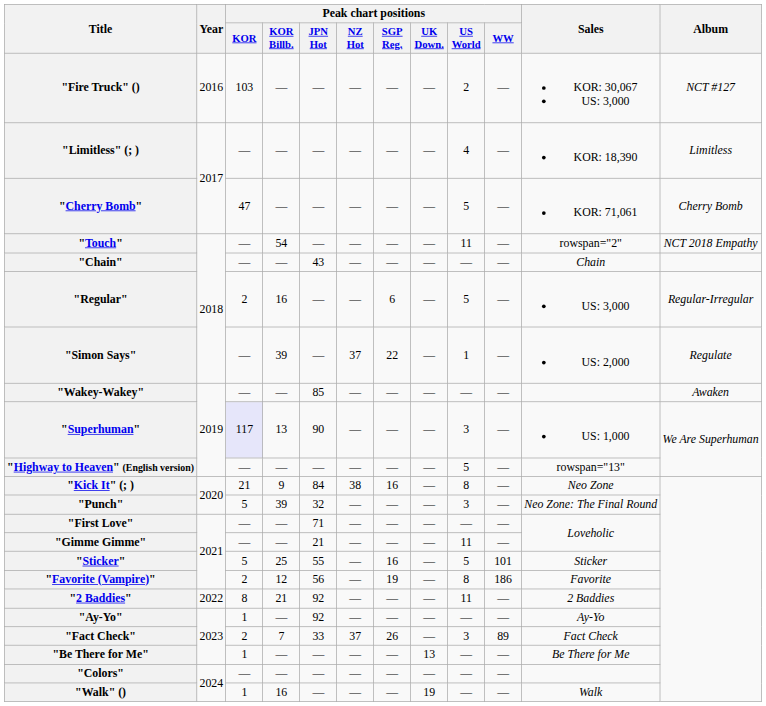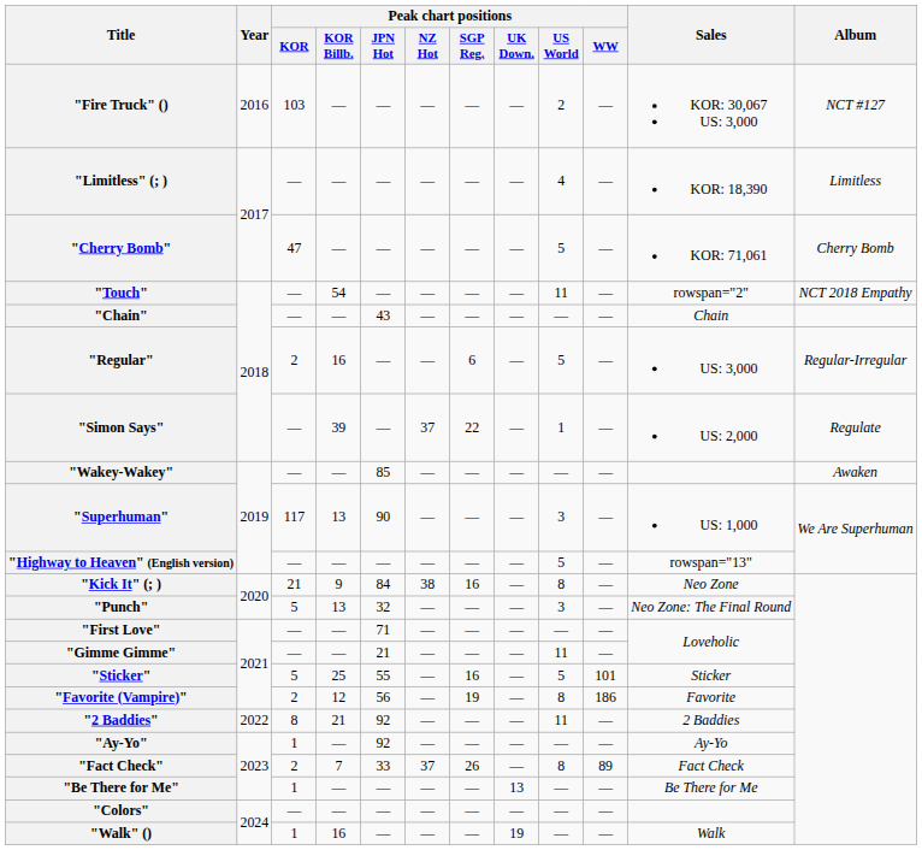 <table class="wikitable plainrowheaders" style="text-align:center;">
 <tr>
 <th scope="col" rowspan="2">Title</th>
 <th scope="col" rowspan="2">Year</th>
 <th colspan="8" scope="col">Peak chart positions</th>
 <th scope="col" rowspan="2">Sales</th>
 <th scope="col" rowspan="2">Album</th>
 </tr>
 <tr>
 <th scope="col" style="width:3em;font-size:90%;"><a href='#'>KOR</a><br></th>
 <th scope="col" style="width:3em;font-size:90%;"><a href='#'>KOR<br>Billb.</a><br></th>
 <th scope="col" style="width:3em;font-size:90%;"><a href='#'>JPN<br>Hot</a><br></th>
 <th scope="col" style="width:3em;font-size:90%;"><a href='#'>NZ<br>Hot</a><br></th>
 <th scope="col" style="width:3em;font-size:90%;"><a href='#'>SGP<br>Reg.</a><br></th>
 <th scope="col" style="width:3em;font-size:90%;"><a href='#'>UK<br>Down.</a><br></th>
 <th scope="col" style="width:3em;font-size:90%;"><a href='#'>US<br>World</a><br></th>
 <th scope="col" style="width:3em;font-size:90%;"><a href='#'>WW</a><br></th>
 </tr>
 <tr>
 <th scope="row">"Fire Truck" ()</th>
 <td>2016</td>
 <td>103</td>
 <td>—</td>
 <td>—</td>
 <td>—</td>
 <td>—</td>
 <td>—</td>
 <td>2</td>
 <td>—</td>
 <td><br><ul><li>KOR: 30,067</li><li>US: 3,000</li></ul></td>
 <td><em>NCT #127</em></td>
 </tr>
 <tr>
 <th scope="row">"Limitless" (; )</th>
 <td rowspan="2">2017</td>
 <td>—</td>
 <td>—</td>
 <td>—</td>
 <td>—</td>
 <td>—</td>
 <td>—</td>
 <td>4</td>
 <td>—</td>
 <td><br><ul><li>KOR: 18,390</li></ul></td>
 <td><em>Limitless</em></td>
 </tr>
 <tr>
 <th scope="row">"<a href='#'>Cherry Bomb</a>"</th>
 <td>47</td>
 <td>—</td>
 <td>—</td>
 <td>—</td>
 <td>—</td>
 <td>—</td>
 <td>5</td>
 <td>—</td>
 <td><br><ul><li>KOR: 71,061</li></ul></td>
 <td><em>Cherry Bomb</em></td>
 </tr>
 <tr>
 <th scope="row">"<a href='#'>Touch</a>"</th>
 <td rowspan="4">2018</td>
 <td>—</td>
 <td>54</td>
 <td>—</td>
 <td>—</td>
 <td>—</td>
 <td>—</td>
 <td>11</td>
 <td>—</td>
 <td>rowspan="2" </td>
 <td><em>NCT 2018 Empathy</em></td>
 </tr>
 <tr>
 <th scope="row">"Chain"</th>
 <td>—</td>
 <td>—</td>
 <td>43</td>
 <td>—</td>
 <td>—</td>
 <td>—</td>
 <td>—</td>
 <td>—</td>
 <td><em>Chain</em></td>
 </tr>
 <tr>
 <th scope="row">"Regular"</th>
 <td>2</td>
 <td>16</td>
 <td>—</td>
 <td>—</td>
 <td>6</td>
 <td>—</td>
 <td>5</td>
 <td>—</td>
 <td><br><ul><li>US: 3,000</li></ul></td>
 <td><em>Regular-Irregular</em></td>
 </tr>
 <tr>
 <th scope="row">"Simon Says"</th>
 <td>—</td>
 <td>39</td>
 <td>—</td>
 <td>37</td>
 <td>22</td>
 <td>—</td>
 <td>1</td>
 <td>—</td>
 <td><br><ul><li>US: 2,000</li></ul></td>
 <td><em>Regulate</em></td>
 </tr>
 <tr>
 <th scope="row">"Wakey-Wakey"</th>
 <td rowspan="3">2019</td>
 <td>—</td>
 <td>—</td>
 <td>85</td>
 <td>—</td>
 <td>—</td>
 <td>—</td>
 <td>—</td>
 <td>—</td>
 <td></td>
 <td><em>Awaken</em></td>
 </tr>
 <tr>
 <th scope="row">"<a href='#'>Superhuman</a>"</th>
-<td style="background: lavender;">117</td>
+<td>117</td>
 <td>13</td>
 <td>90</td>
 <td>—</td>
 <td>—</td>
 <td>—</td>
 <td>3</td>
 <td>—</td>
 <td><br><ul><li>US: 1,000</li></ul></td>
 <td rowspan="2"><em>We Are Superhuman</em></td>
 </tr>
 <tr>
 <th scope="row">"<a href='#'>Highway to Heaven</a>" <small>(English version)</small></th>
 <td>—</td>
 <td>—</td>
 <td>—</td>
 <td>—</td>
 <td>—</td>
 <td>—</td>
 <td>5</td>
 <td>—</td>
 <td>rowspan="13" </td>
 </tr>
 <tr>
 <th scope="row">"<a href='#'>Kick It</a>" (; )</th>
 <td rowspan="2">2020</td>
 <td>21</td>
 <td>9</td>
 <td>84</td>
 <td>38</td>
 <td>16</td>
 <td>—</td>
 <td>8</td>
 <td>—</td>
 <td><em>Neo Zone</em></td>
 </tr>
 <tr>
 <th scope="row">"Punch"</th>
 <td>5</td>
-<td>39</td>
+<td>13</td>
 <td>32</td>
 <td>—</td>
 <td>—</td>
 <td>—</td>
 <td>3</td>
 <td>—</td>
 <td><em>Neo Zone: The Final Round</em></td>
 </tr>
 <tr>
 <th scope="row">"First Love"</th>
 <td rowspan="4">2021</td>
 <td>—</td>
 <td>—</td>
 <td>71</td>
 <td>—</td>
 <td>—</td>
 <td>—</td>
 <td>—</td>
 <td>—</td>
 <td rowspan="2"><em>Loveholic</em></td>
 </tr>
 <tr>
 <th scope="row">"Gimme Gimme"</th>
 <td>—</td>
 <td>—</td>
 <td>21</td>
 <td>—</td>
 <td>—</td>
 <td>—</td>
 <td>11</td>
 <td>—</td>
 </tr>
 <tr>
 <th scope="row">"<a href='#'>Sticker</a>"</th>
 <td>5</td>
 <td>25</td>
 <td>55</td>
 <td>—</td>
 <td>16</td>
 <td>—</td>
 <td>5</td>
 <td>101</td>
 <td><em>Sticker</em></td>
 </tr>
 <tr>
 <th scope="row">"<a href='#'>Favorite (Vampire)</a>"</th>
 <td>2</td>
 <td>12</td>
 <td>56</td>
 <td>—</td>
 <td>19</td>
 <td>—</td>
 <td>8</td>
 <td>186</td>
 <td><em>Favorite</em></td>
 </tr>
 <tr>
 <th scope="row">"<a href='#'>2 Baddies</a>"</th>
 <td>2022</td>
 <td>8</td>
 <td>21</td>
 <td>92</td>
 <td>—</td>
 <td>—</td>
 <td>—</td>
 <td>11</td>
 <td>—</td>
 <td><em>2 Baddies</em></td>
 </tr>
 <tr>
 <th scope="row">"Ay-Yo"</th>
 <td rowspan="3">2023</td>
 <td>1</td>
 <td>—</td>
 <td>92</td>
 <td>—</td>
 <td>—</td>
 <td>—</td>
 <td>—</td>
 <td>—</td>
 <td><em>Ay-Yo</em></td>
 </tr>
 <tr>
 <th scope="row">"Fact Check"</th>
 <td>2</td>
 <td>7</td>
 <td>33</td>
 <td>37</td>
 <td>26</td>
 <td>—</td>
-<td>3</td>
+<td>8</td>
 <td>89</td>
 <td><em>Fact Check</em></td>
 </tr>
 <tr>
 <th scope="row">"Be There for Me"</th>
 <td>1</td>
 <td>—</td>
 <td>—</td>
 <td>—</td>
 <td>—</td>
 <td>13</td>
 <td>—</td>
 <td>—</td>
 <td><em>Be There for Me</em></td>
 </tr>
 <tr>
 <th scope="row">"Colors"</th>
 <td rowspan="2">2024</td>
 <td>—</td>
 <td>—</td>
 <td>—</td>
 <td>—</td>
 <td>—</td>
 <td>—</td>
 <td>—</td>
 <td>—</td>
 <td></td>
 </tr>
 <tr>
 <th scope="row">"Walk" ()</th>
 <td>1</td>
 <td>16</td>
 <td>—</td>
 <td>—</td>
 <td>—</td>
 <td>19</td>
 <td>—</td>
 <td>—</td>
 <td><em>Walk</em></td>
 </tr>
 </table>
